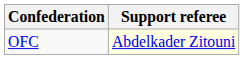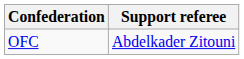 <table class="wikitable">
 <tr>
 <th>Confederation</th>
 <th>Support referee</th>
 </tr>
 <tr>
 <td><a href='#'>OFC</a></td>
-<td style="background: lightyellow;"> <a href='#'>Abdelkader Zitouni</a></td>
+<td> <a href='#'>Abdelkader Zitouni</a></td>
 </tr>
 </table>
